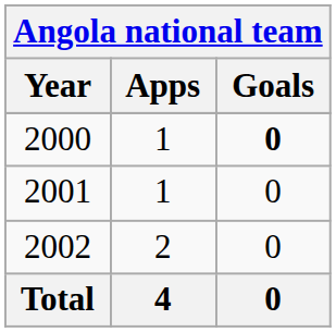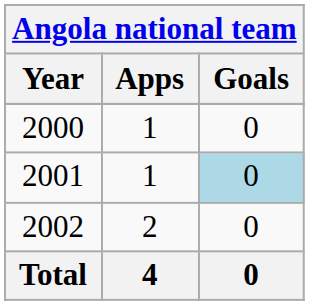 <table class="wikitable" style="text-align:center">
 <tr>
 <th colspan=3><a href='#'>Angola national team</a></th>
 </tr>
 <tr>
 <th>Year</th>
 <th>Apps</th>
 <th>Goals</th>
 </tr>
 <tr>
 </tr>
 <tr>
 <td>2000</td>
 <td>1</td>
-<td><strong>0</strong></td>
+<td>0</td>
 </tr>
 <tr>
 <td>2001</td>
 <td>1</td>
-<td>0</td>
+<td style="background: lightblue;">0</td>
 </tr>
 <tr>
 <td>2002</td>
 <td>2</td>
 <td>0</td>
 </tr>
 <tr>
 <th>Total</th>
 <th>4</th>
 <th>0</th>
 </tr>
 </table>
